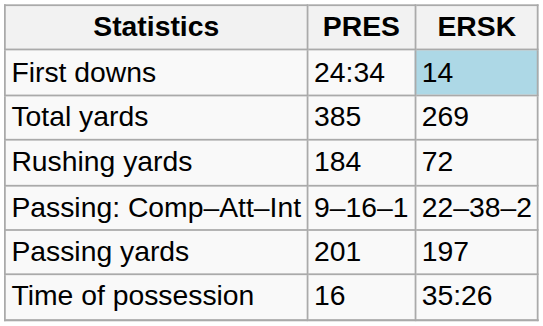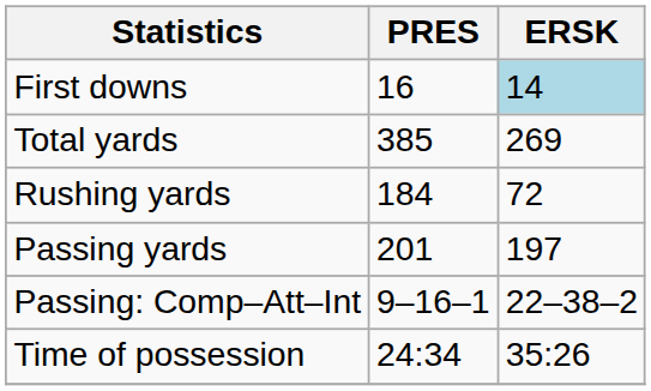 <table class="wikitable" style="float: left;">
 <tr>
 <th>Statistics</th>
 <th>PRES</th>
 <th>ERSK</th>
 </tr>
 <tr>
 <td>First downs</td>
-<td>24:34</td>
+<td>16</td>
 <td style="background: lightblue;">14</td>
 </tr>
 <tr>
 <td>Total yards</td>
 <td>385</td>
 <td>269</td>
 </tr>
 <tr>
 <td>Rushing yards</td>
 <td>184</td>
 <td>72</td>
 </tr>
 <tr>
+<td>Passing yards</td>
+<td>201</td>
+<td>197</td>
+</tr>
+<tr>
 <td>Passing: Comp–Att–Int</td>
 <td>9–16–1</td>
 <td>22–38–2</td>
 </tr>
 <tr>
-<td>Passing yards</td>
-<td>201</td>
-<td>197</td>
-</tr>
-<tr>
 <td>Time of possession</td>
-<td>16</td>
+<td>24:34</td>
 <td>35:26</td>
 </tr>
 <tr>
 </tr>
 </table>
